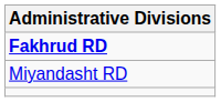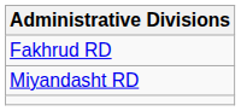 <table class="wikitable">
 <tr>
 <th>Administrative Divisions</th>
 </tr>
 <tr>
-<td><strong><a href='#'>Fakhrud RD</a></strong></td>
+<td><a href='#'>Fakhrud RD</a></td>
 </tr>
 <tr>
 <td><a href='#'>Miyandasht RD</a></td>
 </tr>
 <tr>
 <td colspan=1></td>
 </tr>
 </table>
